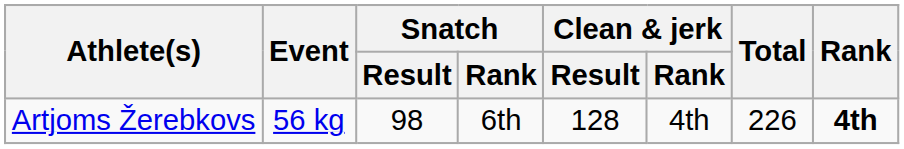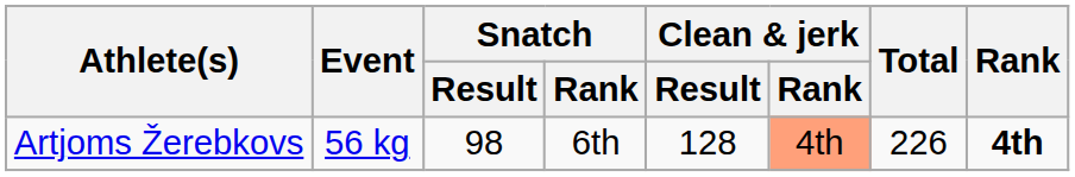 <table class="wikitable" style="font-size:90%">
 <tr>
 <th rowspan="2">Athlete(s)</th>
 <th rowspan="2">Event</th>
 <th colspan="2">Snatch</th>
 <th colspan="2">Clean & jerk</th>
 <th rowspan="2">Total</th>
 <th rowspan="2">Rank</th>
 </tr>
 <tr>
 <th>Result</th>
 <th>Rank</th>
 <th>Result</th>
 <th>Rank</th>
 </tr>
 <tr align="center">
 <td><a href='#'>Artjoms Žerebkovs</a></td>
 <td><a href='#'>56 kg</a></td>
 <td>98</td>
 <td>6th</td>
 <td>128</td>
-<td>4th</td>
+<td style="background: lightsalmon;">4th</td>
 <td>226</td>
 <td><strong>4th</strong></td>
 </tr>
 </table>
